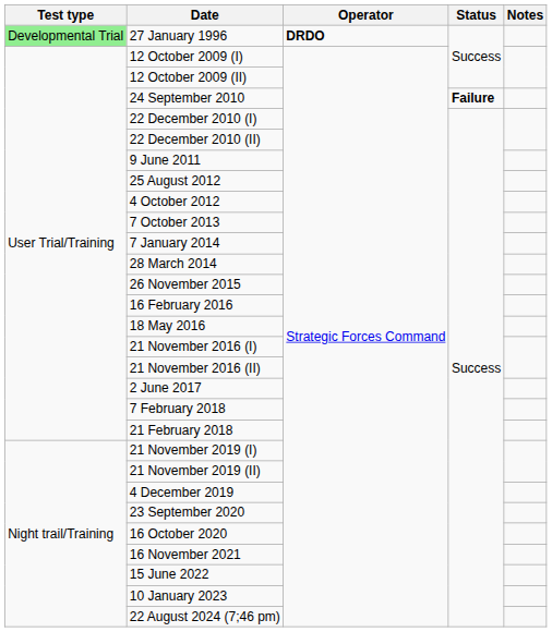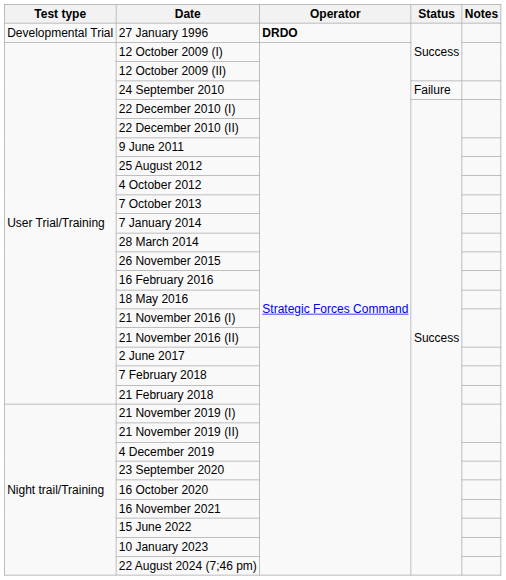 <table class="wikitable">
 <tr>
 <th>Test type</th>
 <th>Date</th>
 <th>Operator</th>
 <th>Status</th>
 <th>Notes</th>
 </tr>
 <tr>
-<td style="background: lightgreen;">Developmental Trial</td>
+<td>Developmental Trial</td>
 <td>27 January 1996</td>
 <td><strong>DRDO</strong></td>
 <td rowspan="3">Success</td>
 <td></td>
 </tr>
 <tr>
 <td rowspan="19">User Trial/Training</td>
 <td>12 October 2009 (I)</td>
 <td rowspan="28"><a href='#'>Strategic Forces Command</a></td>
 <td rowspan="2"></td>
 </tr>
 <tr>
 <td>12 October 2009 (II)</td>
 </tr>
 <tr>
 <td>24 September 2010</td>
-<td><strong>Failure</strong></td>
+<td>Failure</td>
 <td></td>
 </tr>
 <tr>
 <td>22 December 2010 (I)</td>
 <td rowspan="25">Success</td>
 <td rowspan="2"></td>
 </tr>
 <tr>
 <td>22 December 2010 (II)</td>
 </tr>
 <tr>
 <td>9 June 2011</td>
 <td></td>
 </tr>
 <tr>
 <td>25 August 2012</td>
 <td></td>
 </tr>
 <tr>
 <td>4 October 2012</td>
 <td></td>
 </tr>
 <tr>
 <td>7 October 2013</td>
 <td></td>
 </tr>
 <tr>
 <td>7 January 2014</td>
 <td></td>
 </tr>
 <tr>
 <td>28 March 2014</td>
 <td></td>
 </tr>
 <tr>
 <td>26 November 2015</td>
 <td></td>
 </tr>
 <tr>
 <td>16 February 2016</td>
 <td></td>
 </tr>
 <tr>
 <td>18 May 2016</td>
 <td></td>
 </tr>
 <tr>
 <td>21 November 2016 (I)</td>
 <td rowspan="2"></td>
 </tr>
 <tr>
 <td>21 November 2016 (II)</td>
 </tr>
 <tr>
 <td>2 June 2017</td>
 <td></td>
 </tr>
 <tr>
 <td>7 February 2018</td>
 <td></td>
 </tr>
 <tr>
 <td>21 February 2018</td>
 <td></td>
 </tr>
 <tr>
 <td rowspan="9">Night trail/Training</td>
 <td>21 November 2019 (I)</td>
 <td rowspan="2"></td>
 </tr>
 <tr>
 <td>21 November 2019 (II)</td>
 </tr>
 <tr>
 <td>4 December 2019</td>
 <td></td>
 </tr>
 <tr>
 <td>23 September 2020</td>
 <td></td>
 </tr>
 <tr>
 <td>16 October 2020</td>
 <td></td>
 </tr>
 <tr>
 <td>16 November 2021</td>
 <td></td>
 </tr>
 <tr>
 <td>15 June 2022</td>
 <td></td>
 </tr>
 <tr>
 <td>10 January 2023</td>
 <td></td>
 </tr>
 <tr>
 <td>22 August 2024 (7;46 pm)</td>
 <td></td>
 </tr>
 </table>
